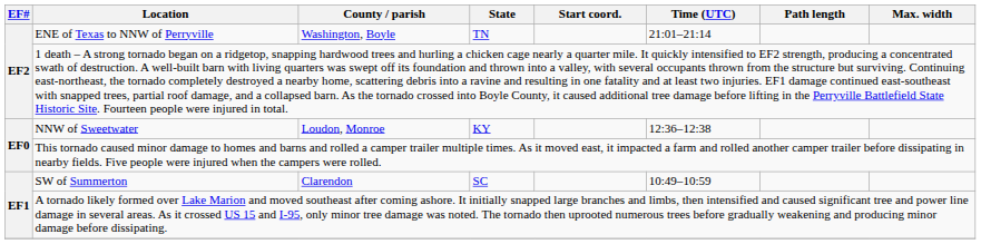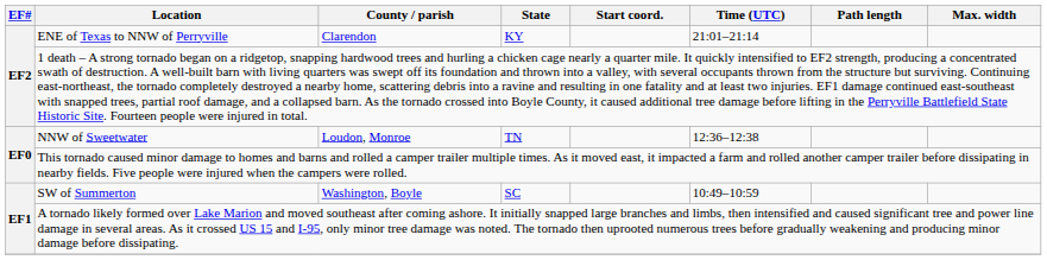 <table class="wikitable sortable" style="width:100%;">
 <tr>
 <th scope="col" width="2%" align="center"><a href='#'>EF#</a></th>
 <th scope="col" align="center" class="unsortable">Location</th>
 <th scope="col" align="center" class="unsortable">County / parish</th>
 <th scope="col" align="center">State</th>
 <th scope="col" align="center">Start coord.</th>
 <th scope="col" align="center">Time (<a href='#'>UTC</a>)</th>
 <th scope="col" align="center">Path length</th>
 <th scope="col" align="center">Max. width</th>
 </tr>
 <tr>
 <th scope="row" rowspan="2" style="background-color:#">EF2</th>
 <td>ENE of <a href='#'>Texas</a> to NNW of <a href='#'>Perryville</a></td>
-<td><a href='#'>Washington</a>, <a href='#'>Boyle</a></td>
-<td><a href='#'>TN</a></td>
+<td><a href='#'>Clarendon</a></td>
+<td><a href='#'>KY</a></td>
 <td></td>
 <td>21:01–21:14</td>
 <td></td>
 <td></td>
 </tr>
 <tr class="expand-child">
 <td colspan="8" border-bottom: 1px solid black;>1 death – A strong tornado began on a ridgetop, snapping hardwood trees and hurling a chicken cage nearly a quarter mile. It quickly intensified to EF2 strength, producing a concentrated swath of destruction. A well-built barn with living quarters was swept off its foundation and thrown into a valley, with several occupants thrown from the structure but surviving. Continuing east-northeast, the tornado completely destroyed a nearby home, scattering debris into a ravine and resulting in one fatality and at least two injuries. EF1 damage continued east-southeast with snapped trees, partial roof damage, and a collapsed barn. As the tornado crossed into Boyle County, it caused additional tree damage before lifting in the <a href='#'>Perryville Battlefield State Historic Site</a>. Fourteen people were injured in total.</td>
 </tr>
 <tr>
 <th scope="row" rowspan="2" style="background-color:#">EF0</th>
 <td>NNW of <a href='#'>Sweetwater</a></td>
 <td><a href='#'>Loudon</a>, <a href='#'>Monroe</a></td>
-<td><a href='#'>KY</a></td>
+<td><a href='#'>TN</a></td>
 <td></td>
 <td>12:36–12:38</td>
 <td></td>
 <td></td>
 </tr>
 <tr class="expand-child">
 <td colspan="8" border-bottom: 1px solid black;>This tornado caused minor damage to homes and barns and rolled a camper trailer multiple times. As it moved east, it impacted a farm and rolled another camper trailer before dissipating in nearby fields. Five people were injured when the campers were rolled.</td>
 </tr>
 <tr>
 <th scope="row" rowspan="2" style="background-color:#">EF1</th>
 <td>SW of <a href='#'>Summerton</a></td>
-<td><a href='#'>Clarendon</a></td>
+<td><a href='#'>Washington</a>, <a href='#'>Boyle</a></td>
 <td><a href='#'>SC</a></td>
 <td></td>
 <td>10:49–10:59</td>
 <td></td>
 <td></td>
 </tr>
 <tr class="expand-child">
 <td colspan="8" border-bottom: 1px solid black;>A tornado likely formed over <a href='#'>Lake Marion</a> and moved southeast after coming ashore. It initially snapped large branches and limbs, then intensified and caused significant tree and power line damage in several areas. As it crossed <a href='#'>US 15</a> and <a href='#'>I-95</a>, only minor tree damage was noted. The tornado then uprooted numerous trees before gradually weakening and producing minor damage before dissipating.</td>
 </tr>
 <tr>
 </tr>
 </table>
